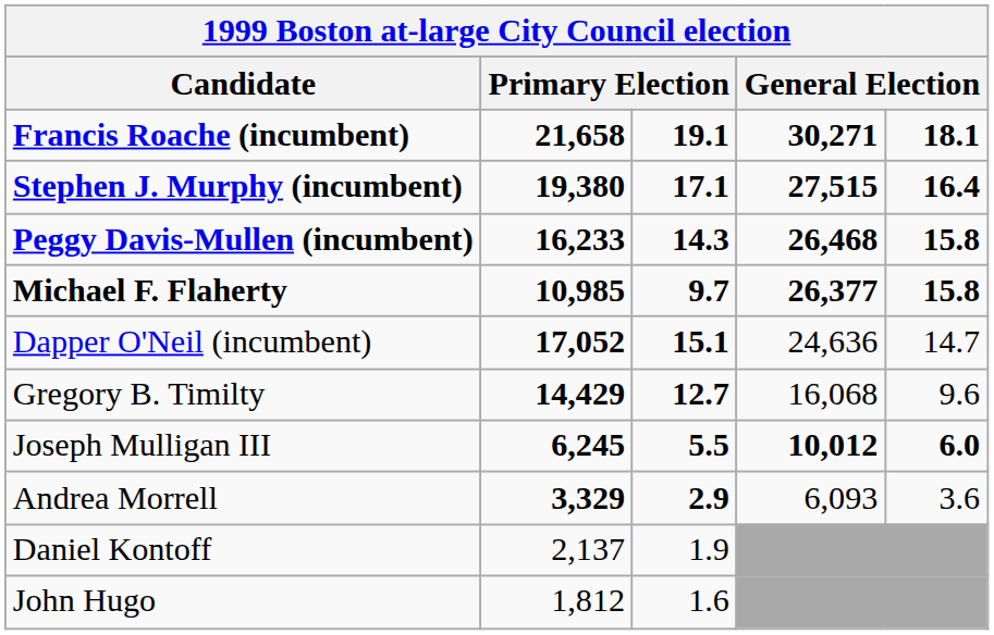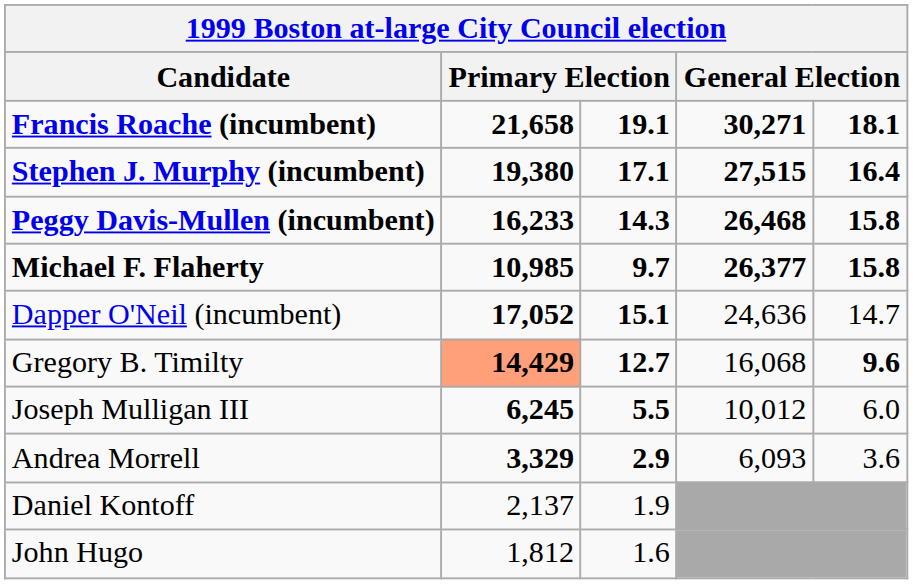 <table class=wikitable>
 <tr>
 <th colspan=5><a href='#'>1999 Boston at-large City Council election</a></th>
 </tr>
 <tr>
 <th colspan=1>Candidate</th>
 <th colspan=2><strong>Primary Election</strong></th>
 <th colspan=2><strong>General Election</strong></th>
 </tr>
 <tr>
 <td><strong><a href='#'>Francis Roache</a> (incumbent)</strong></td>
 <td align="right"><strong>21,658</strong></td>
 <td align="right"><strong>19.1</strong></td>
 <td align="right"><strong>30,271</strong></td>
 <td align="right"><strong>18.1</strong></td>
 </tr>
 <tr>
 <td><strong><a href='#'>Stephen J. Murphy</a> (incumbent)</strong></td>
 <td align="right"><strong>19,380</strong></td>
 <td align="right"><strong>17.1</strong></td>
 <td align="right"><strong>27,515</strong></td>
 <td align="right"><strong>16.4</strong></td>
 </tr>
 <tr>
 <td><strong><a href='#'>Peggy Davis-Mullen</a> (incumbent)</strong></td>
 <td align="right"><strong>16,233</strong></td>
 <td align="right"><strong>14.3</strong></td>
 <td align="right"><strong>26,468</strong></td>
 <td align="right"><strong>15.8</strong></td>
 </tr>
 <tr>
 <td><strong>Michael F. Flaherty</strong></td>
 <td align="right"><strong>10,985</strong></td>
 <td align="right"><strong>9.7</strong></td>
 <td align="right"><strong>26,377</strong></td>
 <td align="right"><strong>15.8</strong></td>
 </tr>
 <tr>
 <td><a href='#'>Dapper O'Neil</a> (incumbent)</td>
 <td align="right"><strong>17,052</strong></td>
 <td align="right"><strong>15.1</strong></td>
 <td align="right">24,636</td>
 <td align="right">14.7</td>
 </tr>
 <tr>
 <td>Gregory B. Timilty</td>
-<td align="right"><strong>14,429</strong></td>
+<td align="right" style="background: lightsalmon;"><strong>14,429</strong></td>
 <td align="right"><strong>12.7</strong></td>
 <td align="right">16,068</td>
-<td align="right">9.6</td>
+<td align="right"><strong>9.6</strong></td>
 </tr>
 <tr>
 <td>Joseph Mulligan III</td>
 <td align="right"><strong>6,245</strong></td>
 <td align="right"><strong>5.5</strong></td>
-<td align="right"><strong>10,012</strong></td>
-<td align="right"><strong>6.0</strong></td>
+<td align="right">10,012</td>
+<td align="right">6.0</td>
 </tr>
 <tr>
 <td>Andrea Morrell</td>
 <td align="right"><strong>3,329</strong></td>
 <td align="right"><strong>2.9</strong></td>
 <td align="right">6,093</td>
 <td align="right">3.6</td>
 </tr>
 <tr>
 <td>Daniel Kontoff</td>
 <td align="right">2,137</td>
 <td align="right">1.9</td>
 <td colspan=4 bgcolor=darkgray> </td>
 </tr>
 <tr>
 <td>John Hugo</td>
 <td align="right">1,812</td>
 <td align="right">1.6</td>
 <td colspan=4 bgcolor=darkgray> </td>
 </tr>
 </table>
